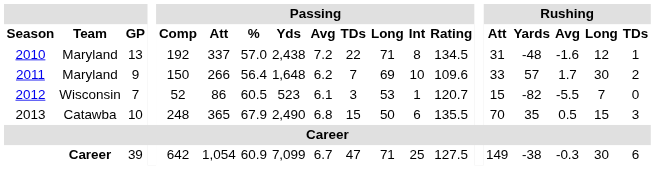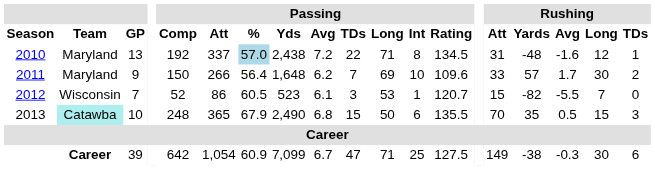 <table BORDER="0" CELLPADDING="3" CELLSPACING="0" ID="Table3" border="2">
 <tr ALIGN="center" bgcolor="#e0e0e0">
 <th ALIGN="center" colspan="3"></th>
 <th ALIGN="center" rowspan="99" bgcolor="#ffffff"> </th>
 <th ALIGN="center" colspan="9">Passing</th>
 <th ALIGN="center" rowspan="99" bgcolor="#ffffff"> </th>
 <th ALIGN="center" colspan="9">Rushing</th>
 </tr>
 <tr ALIGN="center">
 <th ALIGN="center">Season</th>
 <th ALIGN="center">Team</th>
 <th ALIGN="center">GP</th>
 <th ALIGN="center">Comp</th>
 <th ALIGN="center">Att</th>
 <th ALIGN="center">%</th>
 <th ALIGN="center">Yds</th>
 <th ALIGN="center">Avg</th>
 <th ALIGN="center">TDs</th>
 <th ALIGN="center">Long</th>
 <th ALIGN="center">Int</th>
 <th ALIGN="center">Rating</th>
 <th ALIGN="center">Att</th>
 <th ALIGN="center">Yards</th>
 <th ALIGN="center">Avg</th>
 <th ALIGN="center">Long</th>
 <th ALIGN="center">TDs</th>
 </tr>
 <tr ALIGN="center">
 <td ALIGN="center"><a href='#'>2010</a></td>
 <td ALIGN="center">Maryland</td>
 <td ALIGN="center">13</td>
 <td ALIGN="center">192</td>
 <td ALIGN="center">337</td>
-<td ALIGN="center">57.0</td>
+<td ALIGN="center" style="background: lightblue;">57.0</td>
 <td ALIGN="center">2,438</td>
 <td ALIGN="center">7.2</td>
 <td ALIGN="center">22</td>
 <td ALIGN="center">71</td>
 <td ALIGN="center">8</td>
 <td ALIGN="center">134.5</td>
 <td ALIGN="center">31</td>
 <td ALIGN="center">-48</td>
 <td ALIGN="center">-1.6</td>
 <td ALIGN="center">12</td>
 <td ALIGN="center">1</td>
 </tr>
 <tr ALIGN="center">
 <td ALIGN="center"><a href='#'>2011</a></td>
 <td ALIGN="center">Maryland</td>
 <td ALIGN="center">9</td>
 <td ALIGN="center">150</td>
 <td ALIGN="center">266</td>
 <td ALIGN="center">56.4</td>
 <td ALIGN="center">1,648</td>
 <td ALIGN="center">6.2</td>
 <td ALIGN="center">7</td>
 <td ALIGN="center">69</td>
 <td ALIGN="center">10</td>
 <td ALIGN="center">109.6</td>
 <td ALIGN="center">33</td>
 <td ALIGN="center">57</td>
 <td ALIGN="center">1.7</td>
 <td ALIGN="center">30</td>
 <td ALIGN="center">2</td>
 </tr>
 <tr ALIGN="center">
 <td ALIGN="center"><a href='#'>2012</a></td>
 <td ALIGN="center">Wisconsin</td>
 <td ALIGN="center">7</td>
 <td ALIGN="center">52</td>
 <td ALIGN="center">86</td>
 <td ALIGN="center">60.5</td>
 <td ALIGN="center">523</td>
 <td ALIGN="center">6.1</td>
 <td ALIGN="center">3</td>
 <td ALIGN="center">53</td>
 <td ALIGN="center">1</td>
 <td ALIGN="center">120.7</td>
 <td ALIGN="center">15</td>
 <td ALIGN="center">-82</td>
 <td ALIGN="center">-5.5</td>
 <td ALIGN="center">7</td>
 <td ALIGN="center">0</td>
 </tr>
 <tr ALIGN="center">
 <td ALIGN="center">2013</td>
-<td ALIGN="center">Catawba</td>
+<td ALIGN="center" style="background: paleturquoise;">Catawba</td>
 <td ALIGN="center">10</td>
 <td ALIGN="center">248</td>
 <td ALIGN="center">365</td>
 <td ALIGN="center">67.9</td>
 <td ALIGN="center">2,490</td>
 <td ALIGN="center">6.8</td>
 <td ALIGN="center">15</td>
 <td ALIGN="center">50</td>
 <td ALIGN="center">6</td>
 <td ALIGN="center">135.5</td>
 <td ALIGN="center">70</td>
 <td ALIGN="center">35</td>
 <td ALIGN="center">0.5</td>
 <td ALIGN="center">15</td>
 <td ALIGN="center">3</td>
 </tr>
 <tr ALIGN="center" bgcolor="#e0e0e0">
 <th ALIGN="center" colspan="19">Career</th>
 </tr>
 <tr ALIGN="center">
 <th ALIGN="center"></th>
 <th ALIGN="center">Career</th>
 <td ALIGN="center">39</td>
 <td ALIGN="center">642</td>
 <td ALIGN="center">1,054</td>
 <td ALIGN="center">60.9</td>
 <td ALIGN="center">7,099</td>
 <td ALIGN="center">6.7</td>
 <td ALIGN="center">47</td>
 <td ALIGN="center">71</td>
 <td ALIGN="center">25</td>
 <td ALIGN="center">127.5</td>
 <td ALIGN="center">149</td>
 <td ALIGN="center">-38</td>
 <td ALIGN="center">-0.3</td>
 <td ALIGN="center">30</td>
 <td ALIGN="center">6</td>
 </tr>
 </table>
